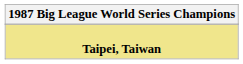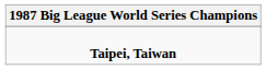 <table class="wikitable" style="text-align: center; margin: 0 auto;">
 <tr>
 <th>1987 Big League World Series Champions</th>
 </tr>
 <tr>
 </tr>
 <tr>
-<td style="background: khaki;"><br><strong>Taipei, Taiwan</strong></td>
+<td><br><strong>Taipei, Taiwan</strong></td>
 </tr>
 </table>
